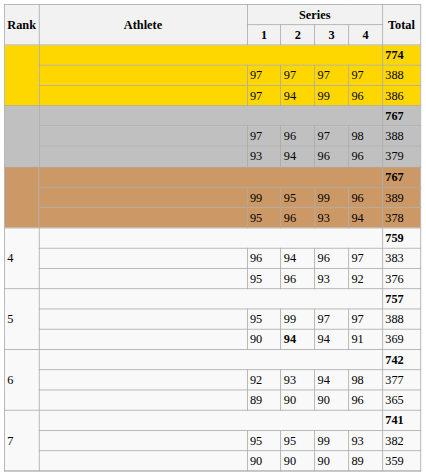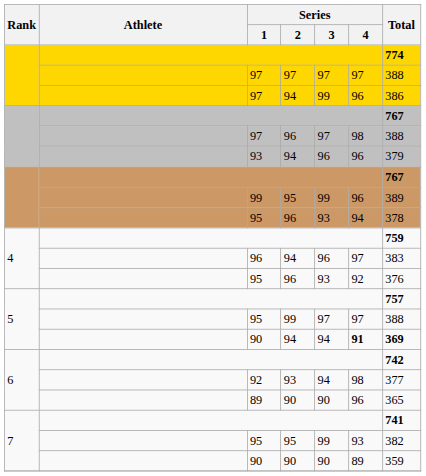 <table class="wikitable" style="font-size:95%" style="width:35em;" style="text-align:center">
 <tr>
 <th rowspan=2>Rank</th>
 <th rowspan=2 width=250>Athlete</th>
 <th colspan=4 width=160>Series</th>
 <th rowspan=2 width=40>Total</th>
 </tr>
 <tr>
 <th>1</th>
 <th>2</th>
 <th>3</th>
 <th>4</th>
 </tr>
 <tr bgcolor=gold>
 <td rowspan=3></td>
 <td colspan=5 align=left></td>
 <td><strong>774</strong></td>
 </tr>
 <tr bgcolor=gold>
 <td align=left></td>
 <td>97</td>
 <td>97</td>
 <td>97</td>
 <td>97</td>
 <td>388</td>
 </tr>
 <tr bgcolor=gold>
 <td align=left></td>
 <td>97</td>
 <td>94</td>
 <td>99</td>
 <td>96</td>
 <td>386</td>
 </tr>
 <tr bgcolor=silver>
 <td rowspan=3></td>
 <td colspan=5 align=left></td>
 <td><strong>767</strong></td>
 </tr>
 <tr bgcolor=silver>
 <td align=left></td>
 <td>97</td>
 <td>96</td>
 <td>97</td>
 <td>98</td>
 <td>388</td>
 </tr>
 <tr bgcolor=silver>
 <td align=left></td>
 <td>93</td>
 <td>94</td>
 <td>96</td>
 <td>96</td>
 <td>379</td>
 </tr>
 <tr bgcolor=cc9966>
 <td rowspan=3></td>
 <td colspan=5 align=left></td>
 <td><strong>767</strong></td>
 </tr>
 <tr bgcolor=cc9966>
 <td align=left></td>
 <td>99</td>
 <td>95</td>
 <td>99</td>
 <td>96</td>
 <td>389</td>
 </tr>
 <tr bgcolor=cc9966>
 <td align=left></td>
 <td>95</td>
 <td>96</td>
 <td>93</td>
 <td>94</td>
 <td>378</td>
 </tr>
 <tr>
 <td rowspan=3>4</td>
 <td colspan=5 align=left></td>
 <td><strong>759</strong></td>
 </tr>
 <tr>
 <td align=left></td>
 <td>96</td>
 <td>94</td>
 <td>96</td>
 <td>97</td>
 <td>383</td>
 </tr>
 <tr>
 <td align=left></td>
 <td>95</td>
 <td>96</td>
 <td>93</td>
 <td>92</td>
 <td>376</td>
 </tr>
 <tr>
 <td rowspan=3>5</td>
 <td colspan=5 align=left></td>
 <td><strong>757</strong></td>
 </tr>
 <tr>
 <td align=left></td>
 <td>95</td>
 <td>99</td>
 <td>97</td>
 <td>97</td>
 <td>388</td>
 </tr>
 <tr>
 <td align=left></td>
 <td>90</td>
-<td><strong>94</strong></td>
 <td>94</td>
-<td>91</td>
-<td>369</td>
+<td>94</td>
+<td><strong>91</strong></td>
+<td><strong>369</strong></td>
 </tr>
 <tr>
 <td rowspan=3>6</td>
 <td colspan=5 align=left></td>
 <td><strong>742</strong></td>
 </tr>
 <tr>
 <td align=left></td>
 <td>92</td>
 <td>93</td>
 <td>94</td>
 <td>98</td>
 <td>377</td>
 </tr>
 <tr>
 <td align=left></td>
 <td>89</td>
 <td>90</td>
 <td>90</td>
 <td>96</td>
 <td>365</td>
 </tr>
 <tr>
 <td rowspan=3>7</td>
 <td colspan=5 align=left></td>
 <td><strong>741</strong></td>
 </tr>
 <tr>
 <td align=left></td>
 <td>95</td>
 <td>95</td>
 <td>99</td>
 <td>93</td>
 <td>382</td>
 </tr>
 <tr>
 <td align=left></td>
 <td>90</td>
 <td>90</td>
 <td>90</td>
 <td>89</td>
 <td>359</td>
 </tr>
 <tr>
 </tr>
 </table>
